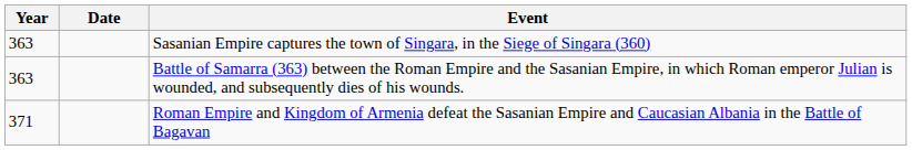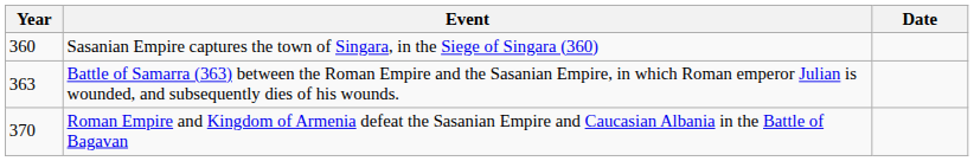 <table class="wikitable" width="100%">
 <tr>
 <th style="width:6%">Year</th>
+<th>Event</th>
 <th style="width:10%">Date</th>
-<th>Event</th>
+</tr>
+<tr>
+<td>360</td>
+<td>Sasanian Empire captures the town of <a href='#'>Singara</a>, in the <a href='#'>Siege of Singara (360)</a></td>
+<td></td>
 </tr>
 <tr>
 <td>363</td>
+<td><a href='#'>Battle of Samarra (363)</a> between the Roman Empire and the Sasanian Empire, in which Roman emperor <a href='#'>Julian</a> is wounded, and subsequently dies of his wounds.</td>
 <td></td>
-<td>Sasanian Empire captures the town of <a href='#'>Singara</a>, in the <a href='#'>Siege of Singara (360)</a></td>
 </tr>
 <tr>
-<td>363</td>
+<td>370</td>
+<td><a href='#'>Roman Empire</a> and <a href='#'>Kingdom of Armenia</a> defeat the Sasanian Empire and <a href='#'>Caucasian Albania</a> in the <a href='#'>Battle of Bagavan</a></td>
 <td></td>
-<td><a href='#'>Battle of Samarra (363)</a> between the Roman Empire and the Sasanian Empire, in which Roman emperor <a href='#'>Julian</a> is wounded, and subsequently dies of his wounds.</td>
-</tr>
-<tr>
-<td>371</td>
-<td></td>
-<td><a href='#'>Roman Empire</a> and <a href='#'>Kingdom of Armenia</a> defeat the Sasanian Empire and <a href='#'>Caucasian Albania</a> in the <a href='#'>Battle of Bagavan</a></td>
 </tr>
 </table>
